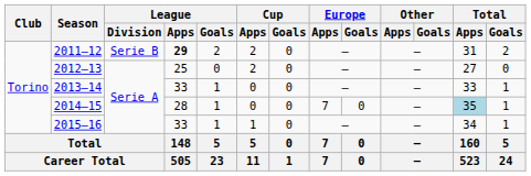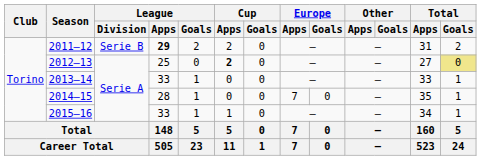 <table class="wikitable" style="text-align: center;">
 <tr>
 <th rowspan="2">Club</th>
 <th rowspan="2">Season</th>
 <th colspan="3">League</th>
 <th colspan="2">Cup</th>
 <th colspan="2"><a href='#'>Europe</a></th>
 <th colspan="2">Other</th>
 <th colspan="2">Total</th>
 </tr>
 <tr>
 <th>Division</th>
 <th>Apps</th>
 <th>Goals</th>
 <th>Apps</th>
 <th>Goals</th>
 <th>Apps</th>
 <th>Goals</th>
 <th>Apps</th>
 <th>Goals</th>
 <th>Apps</th>
 <th>Goals</th>
 </tr>
 <tr>
 <td rowspan="5"><a href='#'>Torino</a></td>
 <td><a href='#'>2011–12</a></td>
 <td><a href='#'>Serie B</a></td>
 <td><strong>29</strong></td>
 <td>2</td>
 <td>2</td>
 <td>0</td>
 <td colspan="2">–</td>
 <td colspan="2">–</td>
 <td>31</td>
 <td>2</td>
 </tr>
 <tr>
 <td><a href='#'>2012–13</a></td>
 <td rowspan="4"><a href='#'>Serie A</a></td>
 <td>25</td>
 <td>0</td>
-<td>2</td>
+<td><strong>2</strong></td>
 <td>0</td>
 <td colspan="2">–</td>
 <td colspan="2">–</td>
 <td>27</td>
-<td>0</td>
+<td style="background: khaki;">0</td>
 </tr>
 <tr>
 <td><a href='#'>2013–14</a></td>
 <td>33</td>
 <td>1</td>
 <td>0</td>
 <td>0</td>
 <td colspan="2">–</td>
 <td colspan="2">–</td>
 <td>33</td>
 <td>1</td>
 </tr>
 <tr>
 <td><a href='#'>2014–15</a></td>
 <td>28</td>
 <td>1</td>
 <td>0</td>
 <td>0</td>
 <td>7</td>
 <td>0</td>
 <td colspan="2">–</td>
-<td style="background: lightblue;">35</td>
+<td>35</td>
 <td>1</td>
 </tr>
 <tr>
 <td><a href='#'>2015–16</a></td>
 <td>33</td>
 <td>1</td>
 <td>1</td>
 <td>0</td>
 <td colspan="2">–</td>
 <td colspan="2">–</td>
 <td>34</td>
 <td>1</td>
 </tr>
 <tr>
 <th colspan="3">Total</th>
 <th>148</th>
 <th>5</th>
 <th>5</th>
 <th>0</th>
 <th>7</th>
 <th>0</th>
 <th colspan="2">—</th>
 <th>160</th>
 <th>5</th>
 </tr>
 <tr>
 <th colspan=3>Career Total</th>
 <th>505</th>
 <th>23</th>
 <th>11</th>
 <th>1</th>
 <th>7</th>
 <th>0</th>
 <th colspan="2">—</th>
 <th>523</th>
 <th>24</th>
 </tr>
 </table>
